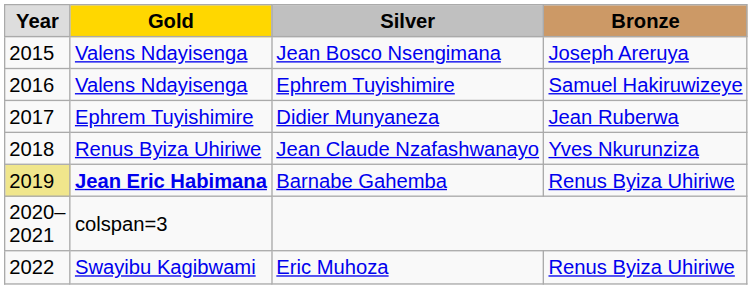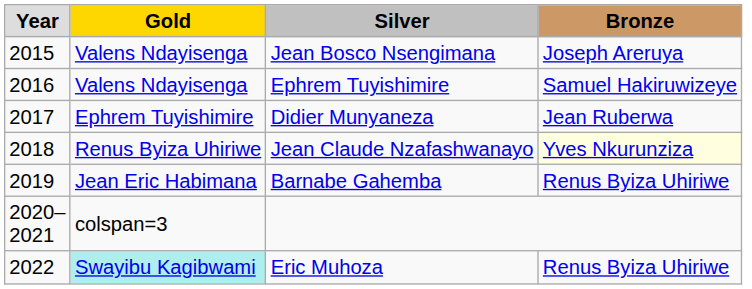 <table class="wikitable sortable alternance" style="font-size:95%">
 <tr>
 <td style="background:#DDDDDD; font-weight:bold; text-align:center;">Year</td>
 <td style="background:gold; font-weight:bold; text-align:center;">Gold</td>
 <td style="background:silver; font-weight:bold; text-align:center;">Silver</td>
 <td style="background:#cc9966; font-weight:bold; text-align:center;">Bronze</td>
 </tr>
 <tr>
 <td>2015</td>
 <td><a href='#'>Valens Ndayisenga</a></td>
 <td><a href='#'>Jean Bosco Nsengimana</a></td>
 <td><a href='#'>Joseph Areruya</a></td>
 </tr>
 <tr>
 <td>2016</td>
 <td><a href='#'>Valens Ndayisenga</a></td>
 <td><a href='#'>Ephrem Tuyishimire</a></td>
 <td><a href='#'>Samuel Hakiruwizeye</a></td>
 </tr>
 <tr>
 <td>2017</td>
 <td><a href='#'>Ephrem Tuyishimire</a></td>
 <td><a href='#'>Didier Munyaneza</a></td>
 <td><a href='#'>Jean Ruberwa</a></td>
 </tr>
 <tr>
 <td>2018</td>
 <td><a href='#'>Renus Byiza Uhiriwe</a></td>
 <td><a href='#'>Jean Claude Nzafashwanayo</a></td>
-<td><a href='#'>Yves Nkurunziza</a></td>
+<td style="background: lightyellow;"><a href='#'>Yves Nkurunziza</a></td>
 </tr>
 <tr>
-<td style="background: khaki;">2019</td>
-<td><strong><a href='#'>Jean Eric Habimana</a></strong></td>
+<td>2019</td>
+<td><a href='#'>Jean Eric Habimana</a></td>
 <td><a href='#'>Barnabe Gahemba</a></td>
 <td><a href='#'>Renus Byiza Uhiriwe</a></td>
 </tr>
 <tr>
 <td>2020–<br>2021</td>
 <td>colspan=3 </td>
 </tr>
 <tr>
 <td>2022</td>
-<td><a href='#'>Swayibu Kagibwami</a></td>
+<td style="background: paleturquoise;"><a href='#'>Swayibu Kagibwami</a></td>
 <td><a href='#'>Eric Muhoza</a></td>
 <td><a href='#'>Renus Byiza Uhiriwe</a></td>
 </tr>
 </table>
